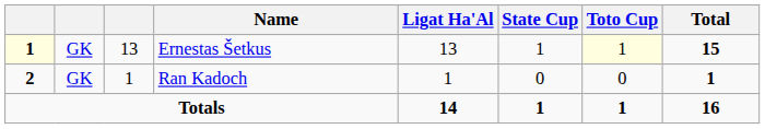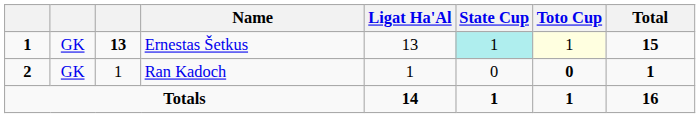 <table class="wikitable sortable" style="font-size: 95%; text-align: center">
 <tr>
 <th width=35></th>
 <th width=35></th>
 <th width=35></th>
 <th width=200><strong>Name</strong></th>
 <th><a href='#'>Ligat Ha'Al</a></th>
 <th><a href='#'>State Cup</a></th>
 <th><a href='#'>Toto Cup</a></th>
 <th width= 75><strong>Total</strong></th>
 </tr>
 <tr>
-<td style="background: lightyellow;"><strong>1</strong></td>
+<td><strong>1</strong></td>
 <td><a href='#'>GK</a></td>
-<td>13</td>
+<td><strong>13</strong></td>
 <td align=left> <a href='#'>Ernestas Šetkus</a></td>
 <td>13</td>
-<td>1</td>
+<td style="background: paleturquoise;">1</td>
 <td style="background: lightyellow;">1</td>
 <td><strong>15</strong></td>
 </tr>
 <tr>
 <td><strong>2</strong></td>
 <td><a href='#'>GK</a></td>
 <td>1</td>
 <td align=left> <a href='#'>Ran Kadoch</a></td>
 <td>1</td>
 <td>0</td>
-<td>0</td>
+<td><strong>0</strong></td>
 <td><strong>1</strong></td>
 </tr>
 <tr>
 <td colspan=4><strong>Totals</strong></td>
 <td><strong>14</strong></td>
 <td><strong>1</strong></td>
 <td><strong>1</strong></td>
 <td><strong>16</strong></td>
 </tr>
 </table>
